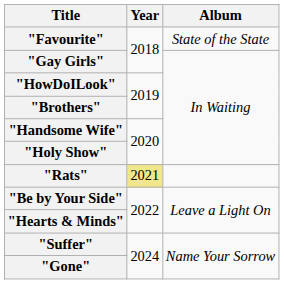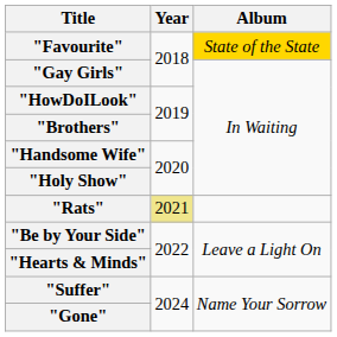 <table class="wikitable plainrowheaders" style="text-align:center;">
 <tr>
 <th scope="col">Title</th>
 <th scope="col">Year</th>
 <th scope="col">Album</th>
 </tr>
 <tr>
 <th scope="row">"Favourite"</th>
 <td rowspan=2>2018</td>
-<td><em>State of the State</em></td>
+<td style="background: gold;"><em>State of the State</em></td>
 </tr>
 <tr>
 <th scope="row">"Gay Girls"</th>
 <td rowspan=5><em>In Waiting</em></td>
 </tr>
 <tr>
 <th scope="row">"HowDoILook"</th>
 <td rowspan=2>2019</td>
 </tr>
 <tr>
 <th scope="row">"Brothers"</th>
 </tr>
 <tr>
 <th scope="row">"Handsome Wife"</th>
 <td rowspan=2>2020</td>
 </tr>
 <tr>
 <th scope="row">"Holy Show"</th>
 </tr>
 <tr>
 <th scope="row">"Rats"</th>
 <td style="background: khaki;">2021</td>
 <td></td>
 </tr>
 <tr>
 <th scope="row">"Be by Your Side"</th>
 <td rowspan=2>2022</td>
 <td rowspan=2><em>Leave a Light On</em></td>
 </tr>
 <tr>
 <th scope="row">"Hearts & Minds"</th>
 </tr>
 <tr>
 <th scope="row">"Suffer"</th>
 <td rowspan=2>2024</td>
 <td rowspan=2><em>Name Your Sorrow</em></td>
 </tr>
 <tr>
 <th scope="row">"Gone"</th>
 </tr>
 </table>
